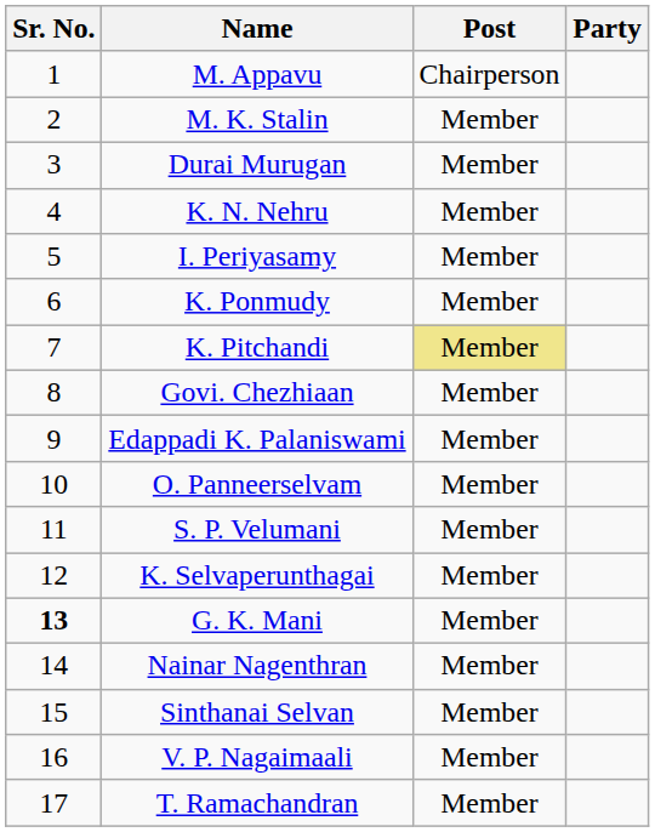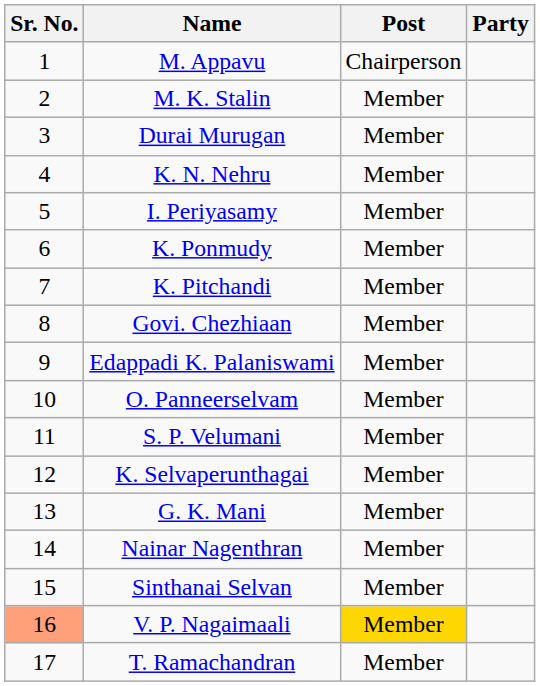 <table class="wikitable sortable">
 <tr>
 <th>Sr. No.</th>
 <th>Name</th>
 <th>Post</th>
 <th colspan="2">Party</th>
 </tr>
 <tr align="center">
 <td>1</td>
 <td><a href='#'>M. Appavu</a></td>
 <td>Chairperson</td>
 <td></td>
 </tr>
 <tr align="center">
 <td>2</td>
 <td><a href='#'>M. K. Stalin</a></td>
 <td>Member</td>
 <td></td>
 </tr>
 <tr align="center">
 <td>3</td>
 <td><a href='#'>Durai Murugan</a></td>
 <td>Member</td>
 <td></td>
 </tr>
 <tr align="center">
 <td>4</td>
 <td><a href='#'>K. N. Nehru</a></td>
 <td>Member</td>
 <td></td>
 </tr>
 <tr align="center">
 <td>5</td>
 <td><a href='#'>I. Periyasamy</a></td>
 <td>Member</td>
 <td></td>
 </tr>
 <tr align="center">
 <td>6</td>
 <td><a href='#'>K. Ponmudy</a></td>
 <td>Member</td>
 <td></td>
 </tr>
 <tr align="center">
 <td>7</td>
 <td><a href='#'>K. Pitchandi</a></td>
-<td style="background: khaki;">Member</td>
+<td>Member</td>
 <td></td>
 </tr>
 <tr align="center">
 <td>8</td>
 <td><a href='#'>Govi. Chezhiaan</a></td>
 <td>Member</td>
 <td></td>
 </tr>
 <tr align="center">
 <td>9</td>
 <td><a href='#'>Edappadi K. Palaniswami</a></td>
 <td>Member</td>
 <td></td>
 </tr>
 <tr align="center">
 <td>10</td>
 <td><a href='#'>O. Panneerselvam</a></td>
 <td>Member</td>
 <td></td>
 </tr>
 <tr align="center">
 <td>11</td>
 <td><a href='#'>S. P. Velumani</a></td>
 <td>Member</td>
 <td></td>
 </tr>
 <tr align="center">
 <td>12</td>
 <td><a href='#'>K. Selvaperunthagai</a></td>
 <td>Member</td>
 <td></td>
 </tr>
 <tr align="center">
-<td><strong>13</strong></td>
+<td>13</td>
 <td><a href='#'>G. K. Mani</a></td>
 <td>Member</td>
 <td></td>
 </tr>
 <tr align="center">
 <td>14</td>
 <td><a href='#'>Nainar Nagenthran</a></td>
 <td>Member</td>
 <td></td>
 </tr>
 <tr align="center">
 <td>15</td>
 <td><a href='#'>Sinthanai Selvan</a></td>
 <td>Member</td>
 <td></td>
 </tr>
 <tr align="center">
-<td>16</td>
+<td style="background: lightsalmon;">16</td>
 <td><a href='#'>V. P. Nagaimaali</a></td>
-<td>Member</td>
+<td style="background: gold;">Member</td>
 <td></td>
 </tr>
 <tr align="center">
 <td>17</td>
 <td><a href='#'>T. Ramachandran</a></td>
 <td>Member</td>
 <td></td>
 </tr>
 </table>
